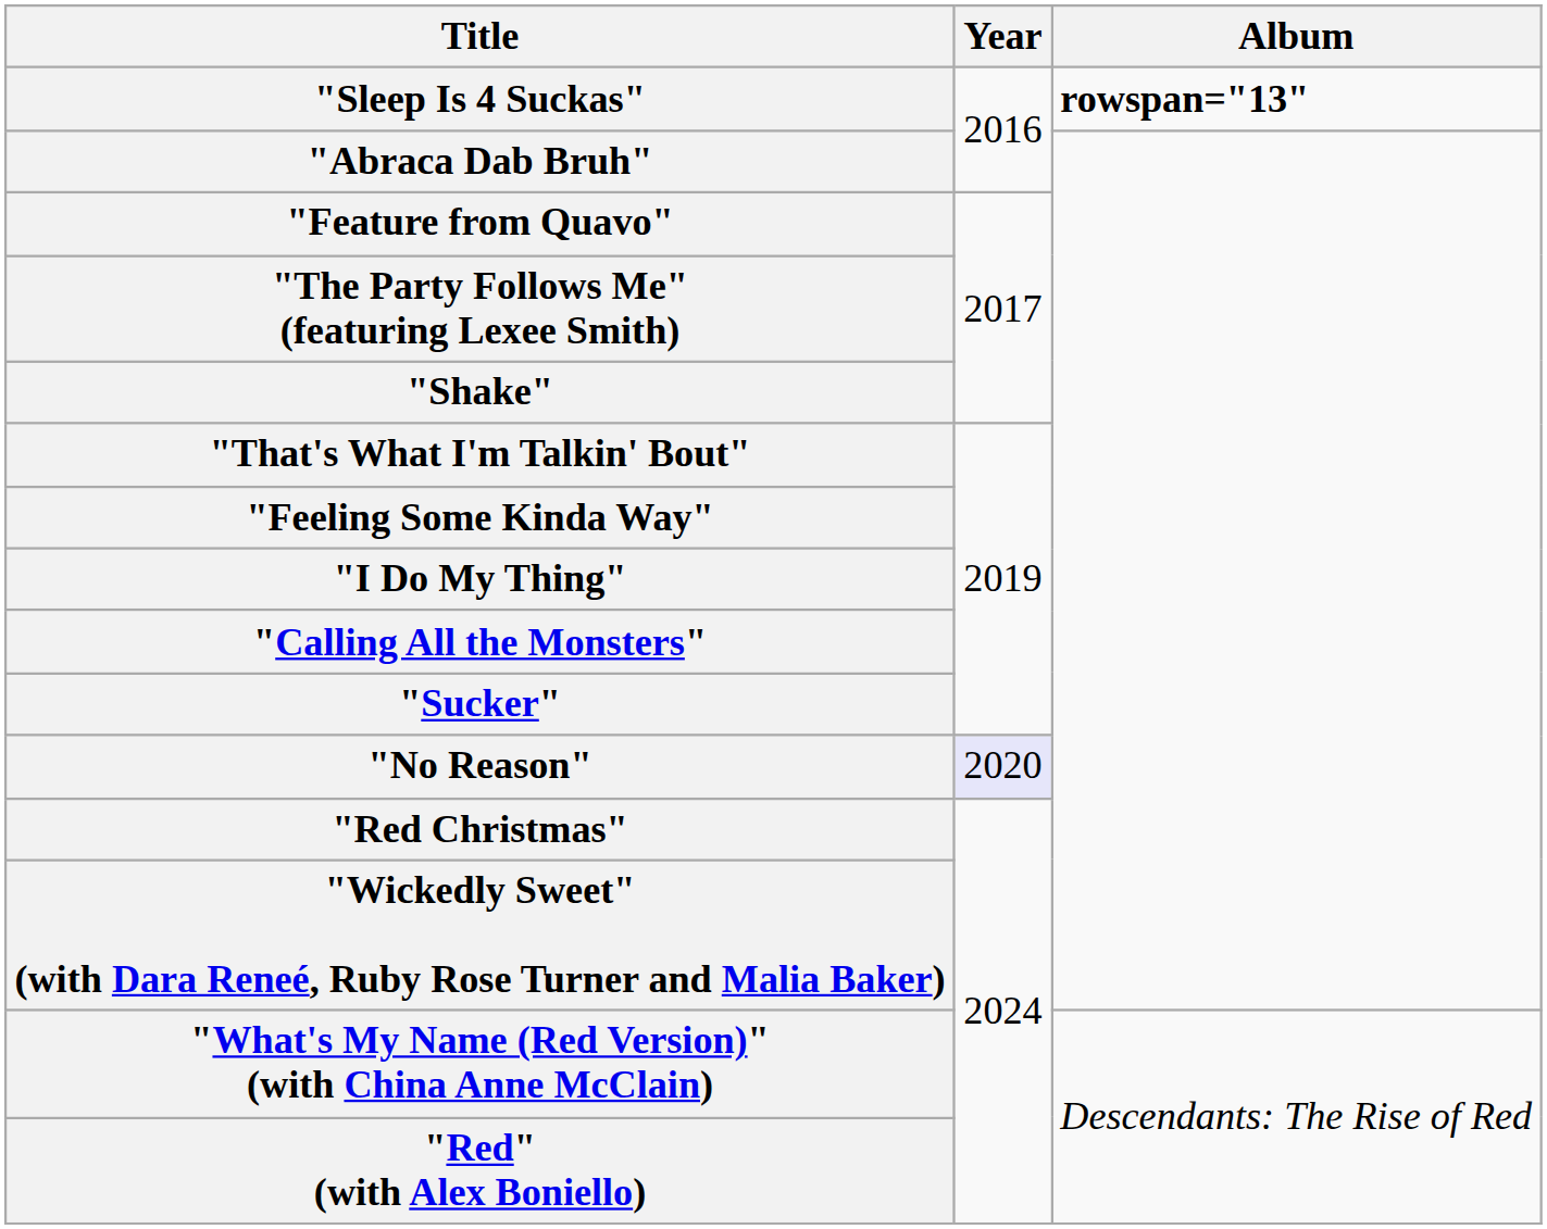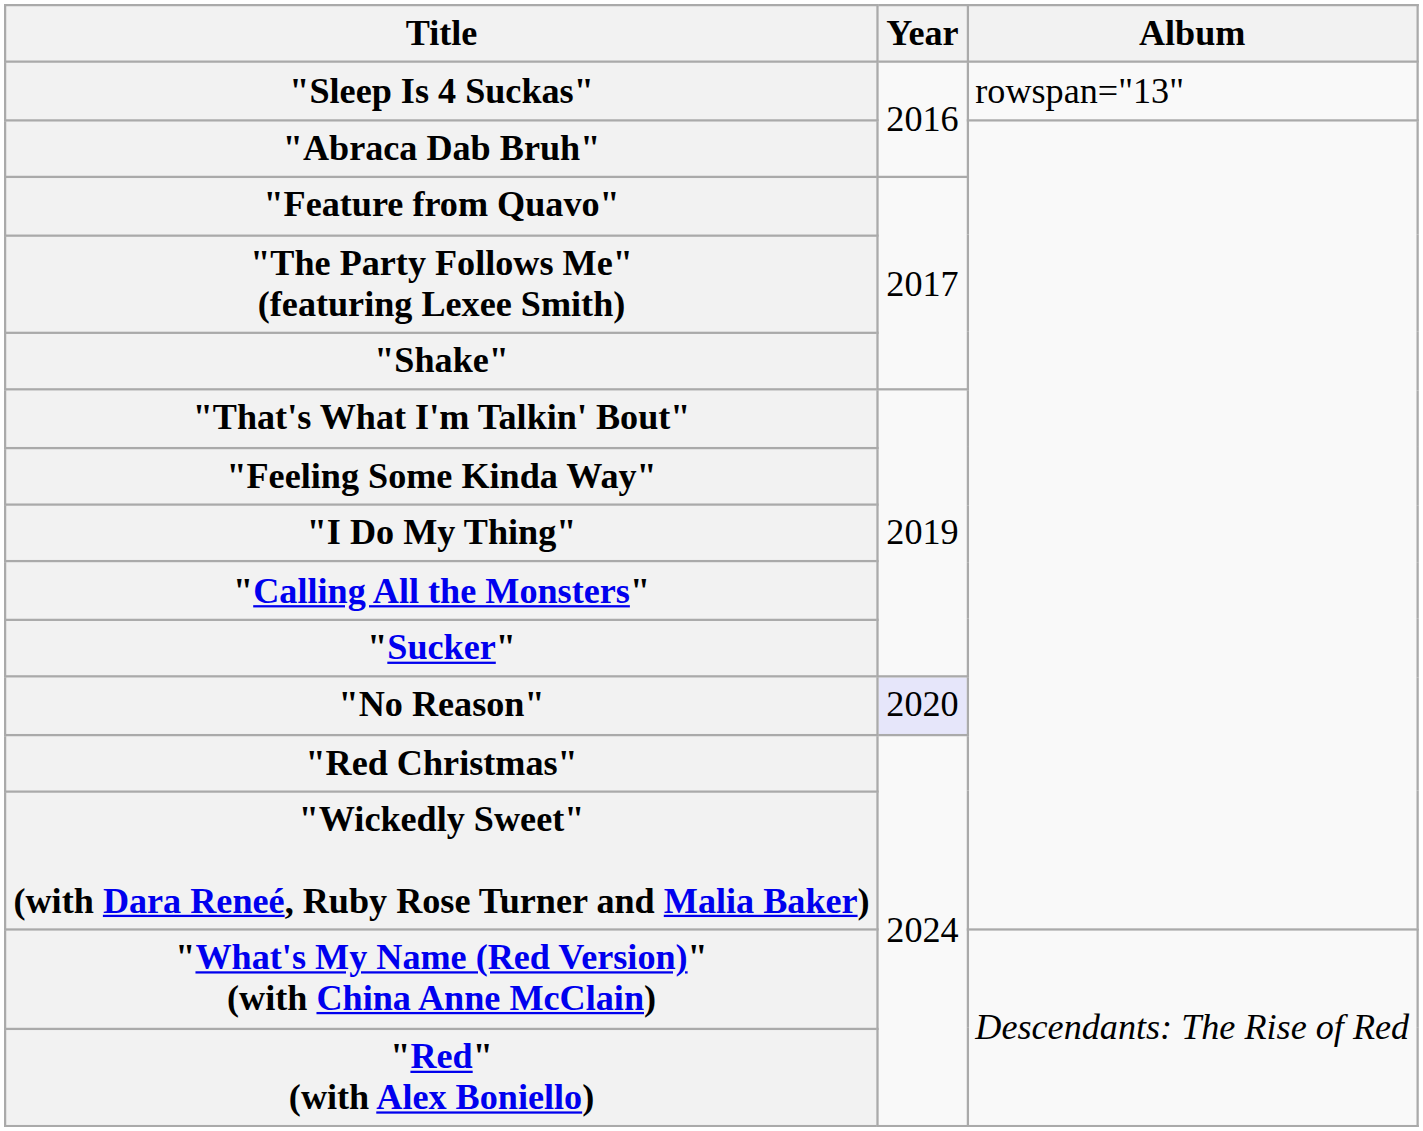 <table class="wikitable plainrowheaders" align="center">
 <tr>
 <th scope="col">Title</th>
 <th scope="col">Year</th>
 <th scope="col">Album</th>
 </tr>
 <tr>
 <th scope="row">"Sleep Is 4 Suckas"</th>
 <td rowspan="2">2016</td>
-<td><strong>rowspan="13" </strong></td>
+<td>rowspan="13" </td>
 </tr>
 <tr>
 <th scope="row">"Abraca Dab Bruh"</th>
 </tr>
 <tr>
 <th scope="row">"Feature from Quavo"</th>
 <td rowspan="3">2017</td>
 </tr>
 <tr>
 <th scope="row">"The Party Follows Me"<br><span>(featuring Lexee Smith)</span></th>
 </tr>
 <tr>
 <th scope="row">"Shake"</th>
 </tr>
 <tr>
 <th scope="row">"That's What I'm Talkin' Bout"</th>
 <td rowspan="5">2019</td>
 </tr>
 <tr>
 <th scope="row">"Feeling Some Kinda Way"</th>
 </tr>
 <tr>
 <th scope="row">"I Do My Thing"<br></th>
 </tr>
 <tr>
 <th scope="row">"<a href='#'>Calling All the Monsters</a>"</th>
 </tr>
 <tr>
 <th scope="row">"<a href='#'>Sucker</a>"</th>
 </tr>
 <tr>
 <th scope="row">"No Reason"</th>
 <td style="background: lavender;">2020</td>
 </tr>
 <tr>
 <th scope="row">"Red Christmas"</th>
 <td rowspan="4">2024</td>
 </tr>
 <tr>
 <th scope="row">"Wickedly Sweet"<br><br><span>(with <a href='#'>Dara Reneé</a>, Ruby Rose Turner and <a href='#'>Malia Baker</a>)</span></th>
 </tr>
 <tr>
 <th scope="row">"<a href='#'>What's My Name (Red Version)</a>"<br><span>(with <a href='#'>China Anne McClain</a>)</span></th>
 <td rowspan="2"><em>Descendants: The Rise of Red</em></td>
 </tr>
 <tr>
 <th scope="row">"<a href='#'>Red</a>"<br><span>(with <a href='#'>Alex Boniello</a>)</span></th>
 </tr>
 </table>
